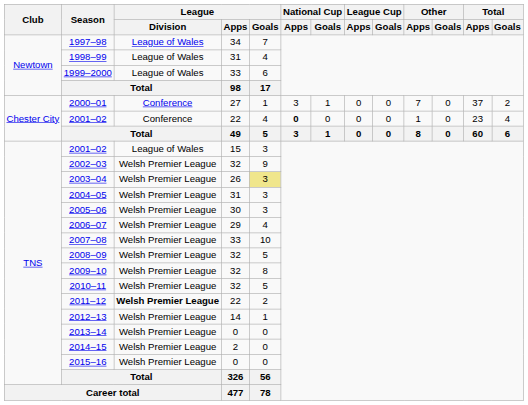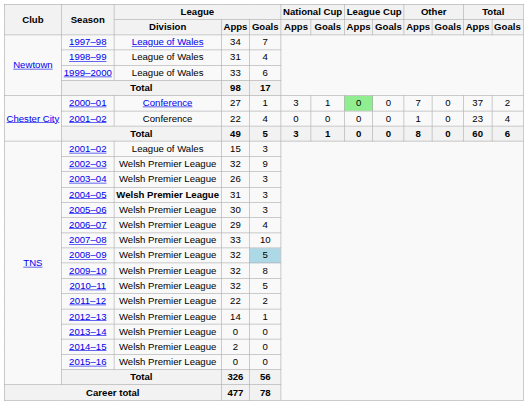 <table class="wikitable" style="text-align:center">
 <tr>
 <th rowspan="2">Club</th>
 <th rowspan="2">Season</th>
 <th colspan="3">League</th>
 <th colspan="2">National Cup</th>
 <th colspan="2">League Cup</th>
 <th colspan="2">Other</th>
 <th colspan="2">Total</th>
 </tr>
 <tr>
 <th>Division</th>
 <th>Apps</th>
 <th>Goals</th>
 <th>Apps</th>
 <th>Goals</th>
 <th>Apps</th>
 <th>Goals</th>
 <th>Apps</th>
 <th>Goals</th>
 <th>Apps</th>
 <th>Goals</th>
 </tr>
 <tr>
 <td rowspan="4"><a href='#'>Newtown</a></td>
 <td><a href='#'>1997–98</a></td>
 <td><a href='#'>League of Wales</a></td>
 <td>34</td>
 <td>7</td>
 </tr>
 <tr>
 <td><a href='#'>1998–99</a></td>
 <td>League of Wales</td>
 <td>31</td>
 <td>4</td>
 </tr>
 <tr>
 <td><a href='#'>1999–2000</a></td>
 <td>League of Wales</td>
 <td>33</td>
 <td>6</td>
 </tr>
 <tr>
 <th colspan="2">Total</th>
 <th>98</th>
 <th>17</th>
 </tr>
 <tr>
 <td rowspan="3"><a href='#'>Chester City</a></td>
 <td><a href='#'>2000–01</a></td>
 <td><a href='#'>Conference</a></td>
 <td>27</td>
 <td>1</td>
 <td>3</td>
 <td>1</td>
-<td>0</td>
+<td style="background: lightgreen;">0</td>
 <td>0</td>
 <td>7</td>
 <td>0</td>
 <td>37</td>
 <td>2</td>
 </tr>
 <tr>
 <td><a href='#'>2001–02</a></td>
 <td>Conference</td>
 <td>22</td>
 <td>4</td>
-<td><strong>0</strong></td>
+<td>0</td>
 <td>0</td>
 <td>0</td>
 <td>0</td>
 <td>1</td>
 <td>0</td>
 <td>23</td>
 <td>4</td>
 </tr>
 <tr>
 <th colspan="2">Total</th>
 <th>49</th>
 <th>5</th>
 <th>3</th>
 <th>1</th>
 <th>0</th>
 <th>0</th>
 <th>8</th>
 <th>0</th>
 <th>60</th>
 <th>6</th>
 </tr>
 <tr>
 <td rowspan="16"><a href='#'>TNS</a></td>
 <td><a href='#'>2001–02</a></td>
 <td>League of Wales</td>
 <td>15</td>
 <td>3</td>
 </tr>
 <tr>
 <td><a href='#'>2002–03</a></td>
 <td>Welsh Premier League</td>
 <td>32</td>
 <td>9</td>
 </tr>
 <tr>
 <td><a href='#'>2003–04</a></td>
 <td>Welsh Premier League</td>
 <td>26</td>
-<td style="background: khaki;">3</td>
+<td>3</td>
 </tr>
 <tr>
 <td><a href='#'>2004–05</a></td>
-<td>Welsh Premier League</td>
+<td><strong>Welsh Premier League</strong></td>
 <td>31</td>
 <td>3</td>
 </tr>
 <tr>
 <td><a href='#'>2005–06</a></td>
 <td>Welsh Premier League</td>
 <td>30</td>
 <td>3</td>
 </tr>
 <tr>
 <td><a href='#'>2006–07</a></td>
 <td>Welsh Premier League</td>
 <td>29</td>
 <td>4</td>
 </tr>
 <tr>
 <td><a href='#'>2007–08</a></td>
 <td>Welsh Premier League</td>
 <td>33</td>
 <td>10</td>
 </tr>
 <tr>
 <td><a href='#'>2008–09</a></td>
 <td>Welsh Premier League</td>
 <td>32</td>
-<td>5</td>
+<td style="background: lightblue;">5</td>
 </tr>
 <tr>
 <td><a href='#'>2009–10</a></td>
 <td>Welsh Premier League</td>
 <td>32</td>
 <td>8</td>
 </tr>
 <tr>
 <td><a href='#'>2010–11</a></td>
 <td>Welsh Premier League</td>
 <td>32</td>
 <td>5</td>
 </tr>
 <tr>
 <td><a href='#'>2011–12</a></td>
-<td><strong>Welsh Premier League</strong></td>
+<td>Welsh Premier League</td>
 <td>22</td>
 <td>2</td>
 </tr>
 <tr>
 <td><a href='#'>2012–13</a></td>
 <td>Welsh Premier League</td>
 <td>14</td>
 <td>1</td>
 </tr>
 <tr>
 <td><a href='#'>2013–14</a></td>
 <td>Welsh Premier League</td>
 <td>0</td>
 <td>0</td>
 </tr>
 <tr>
 <td><a href='#'>2014–15</a></td>
 <td>Welsh Premier League</td>
 <td>2</td>
 <td>0</td>
 </tr>
 <tr>
 <td><a href='#'>2015–16</a></td>
 <td>Welsh Premier League</td>
 <td>0</td>
 <td>0</td>
 </tr>
 <tr>
 <th colspan="2">Total</th>
 <th>326</th>
 <th>56</th>
 </tr>
 <tr>
 <th colspan="3">Career total</th>
 <th>477</th>
 <th>78</th>
 </tr>
 </table>
